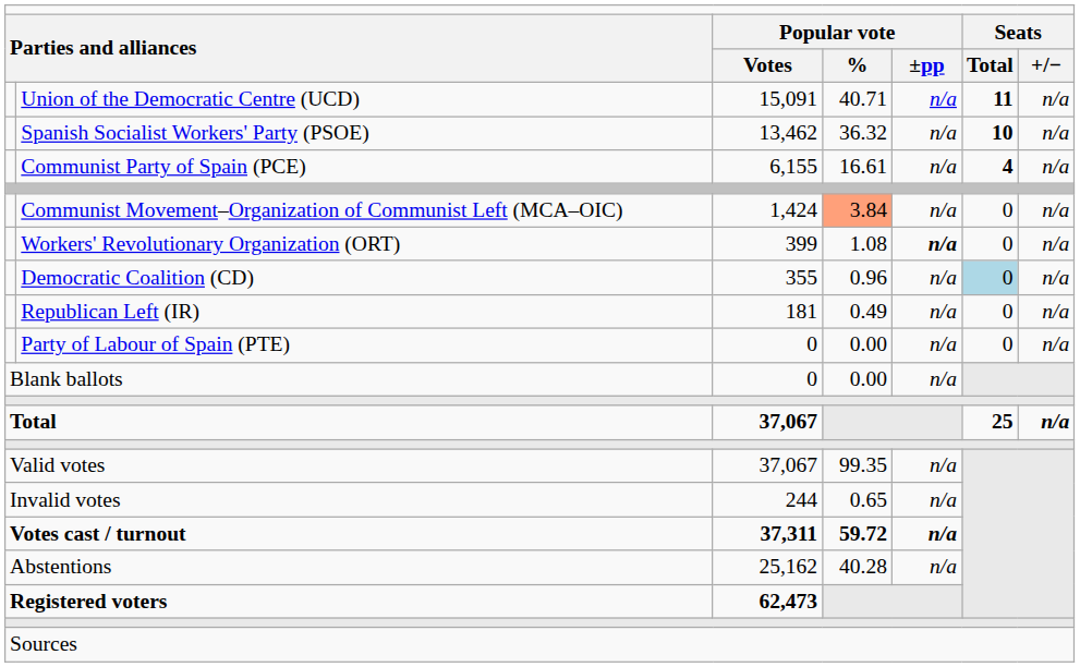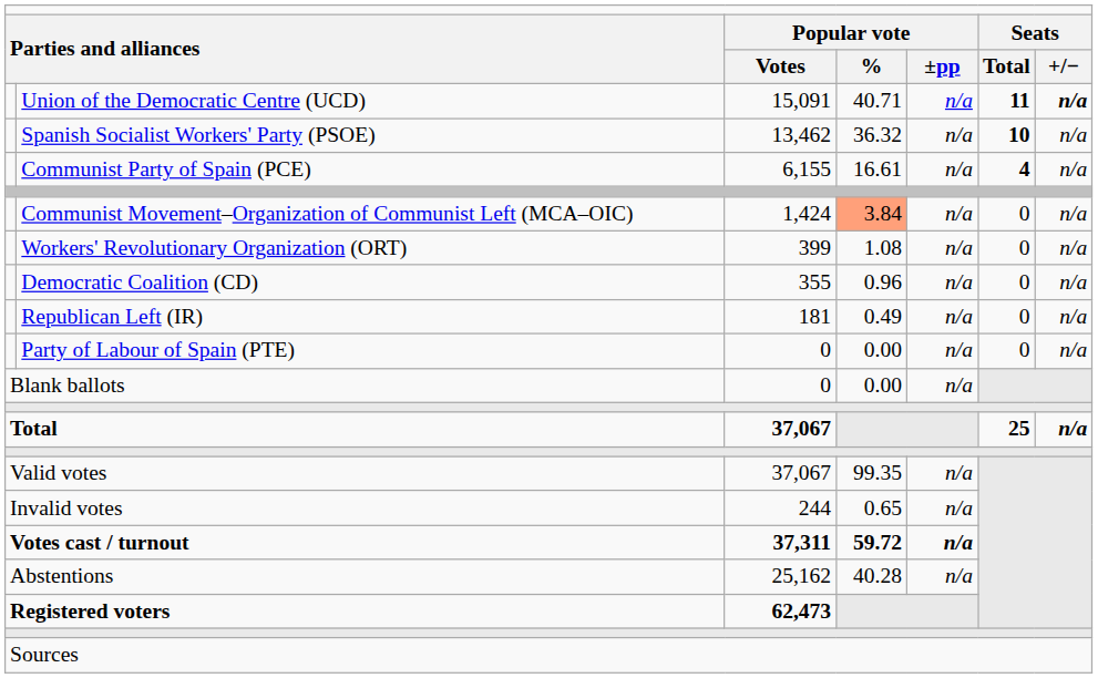 <table class="wikitable" style="text-align:right;">
 <tr>
 <td colspan="7"></td>
 </tr>
 <tr>
 <th style="text-align:left;" rowspan="2" colspan="2" width="525">Parties and alliances</th>
 <th colspan="3">Popular vote</th>
 <th colspan="2">Seats</th>
 </tr>
 <tr>
 <th width="75">Votes</th>
 <th width="45">%</th>
 <th width="45">±<a href='#'>pp</a></th>
 <th width="35">Total</th>
 <th width="35">+/−</th>
 </tr>
 <tr>
 <td width="1" style="color:inherit;background:"></td>
 <td align="left"><a href='#'>Union of the Democratic Centre</a> (UCD)</td>
 <td>15,091</td>
 <td>40.71</td>
 <td><em><a href='#'>n/a</a></em></td>
 <td><strong>11</strong></td>
-<td><em>n/a</em></td>
+<td><strong><em>n/a</em></strong></td>
 </tr>
 <tr>
 <td style="color:inherit;background:"></td>
 <td align="left"><a href='#'>Spanish Socialist Workers' Party</a> (PSOE)</td>
 <td>13,462</td>
 <td>36.32</td>
 <td><em>n/a</em></td>
 <td><strong>10</strong></td>
 <td><em>n/a</em></td>
 </tr>
 <tr>
 <td style="color:inherit;background:"></td>
 <td align="left"><a href='#'>Communist Party of Spain</a> (PCE)</td>
 <td>6,155</td>
 <td>16.61</td>
 <td><em>n/a</em></td>
 <td><strong>4</strong></td>
 <td><em>n/a</em></td>
 </tr>
 <tr>
 <td colspan="7" bgcolor="#C0C0C0"></td>
 </tr>
 <tr>
 <td style="color:inherit;background:"></td>
 <td align="left"><a href='#'>Communist Movement</a>–<a href='#'>Organization of Communist Left</a> (MCA–OIC)</td>
 <td>1,424</td>
 <td style="background: lightsalmon;">3.84</td>
 <td><em>n/a</em></td>
 <td>0</td>
 <td><em>n/a</em></td>
 </tr>
 <tr>
 <td style="color:inherit;background:"></td>
 <td align="left"><a href='#'>Workers' Revolutionary Organization</a> (ORT)</td>
 <td>399</td>
 <td>1.08</td>
-<td><strong><em>n/a</em></strong></td>
+<td><em>n/a</em></td>
 <td>0</td>
 <td><em>n/a</em></td>
 </tr>
 <tr>
 <td style="color:inherit;background:"></td>
 <td align="left"><a href='#'>Democratic Coalition</a> (CD)</td>
 <td>355</td>
 <td>0.96</td>
 <td><em>n/a</em></td>
-<td style="background: lightblue;">0</td>
+<td>0</td>
 <td><em>n/a</em></td>
 </tr>
 <tr>
 <td style="color:inherit;background:"></td>
 <td align="left"><a href='#'>Republican Left</a> (IR)</td>
 <td>181</td>
 <td>0.49</td>
 <td><em>n/a</em></td>
 <td>0</td>
 <td><em>n/a</em></td>
 </tr>
 <tr>
 <td style="color:inherit;background:"></td>
 <td align="left"><a href='#'>Party of Labour of Spain</a> (PTE)</td>
 <td>0</td>
 <td>0.00</td>
 <td><em>n/a</em></td>
 <td>0</td>
 <td><em>n/a</em></td>
 </tr>
 <tr>
 <td align="left" colspan="2">Blank ballots</td>
 <td>0</td>
 <td>0.00</td>
 <td><em>n/a</em></td>
 <td bgcolor="#E9E9E9" colspan="2"></td>
 </tr>
 <tr>
 <td colspan="7" bgcolor="#E9E9E9"></td>
 </tr>
 <tr style="font-weight:bold;">
 <td align="left" colspan="2">Total</td>
 <td>37,067</td>
 <td bgcolor="#E9E9E9" colspan="2"></td>
 <td>25</td>
 <td><em>n/a</em></td>
 </tr>
 <tr>
 <td colspan="7" bgcolor="#E9E9E9"></td>
 </tr>
 <tr>
 <td align="left" colspan="2">Valid votes</td>
 <td>37,067</td>
 <td>99.35</td>
 <td><em>n/a</em></td>
 <td bgcolor="#E9E9E9" colspan="2" rowspan="5"></td>
 </tr>
 <tr>
 <td align="left" colspan="2">Invalid votes</td>
 <td>244</td>
 <td>0.65</td>
 <td><em>n/a</em></td>
 </tr>
 <tr style="font-weight:bold;">
 <td align="left" colspan="2">Votes cast / turnout</td>
 <td>37,311</td>
 <td>59.72</td>
 <td><em>n/a</em></td>
 </tr>
 <tr>
 <td align="left" colspan="2">Abstentions</td>
 <td>25,162</td>
 <td>40.28</td>
 <td><em>n/a</em></td>
 </tr>
 <tr style="font-weight:bold;">
 <td align="left" colspan="2">Registered voters</td>
 <td>62,473</td>
 <td bgcolor="#E9E9E9" colspan="2"></td>
 </tr>
 <tr>
 <td colspan="7" bgcolor="#E9E9E9"></td>
 </tr>
 <tr>
 <td align="left" colspan="7">Sources</td>
 </tr>
 </table>
